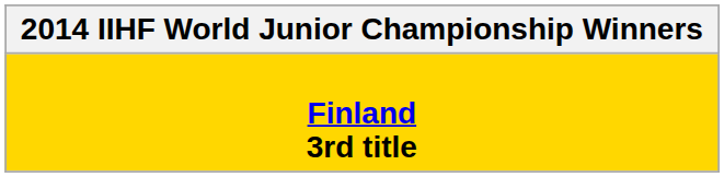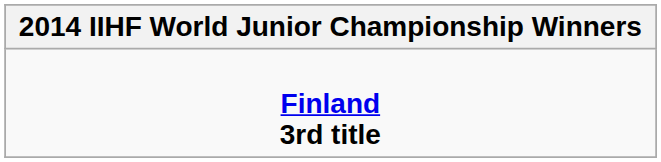 <table class="wikitable" style="text-align: center; float: right; margin: 0 auto;">
 <tr>
 <th> 2014 IIHF World Junior Championship Winners </th>
 </tr>
 <tr>
-<td style="background: gold;"> <br> <strong><a href='#'>Finland</a></strong> <br> <strong>3rd title</strong></td>
+<td> <br> <strong><a href='#'>Finland</a></strong> <br> <strong>3rd title</strong></td>
 </tr>
 </table>
